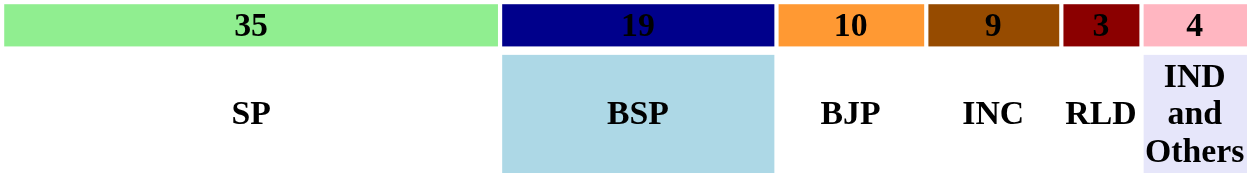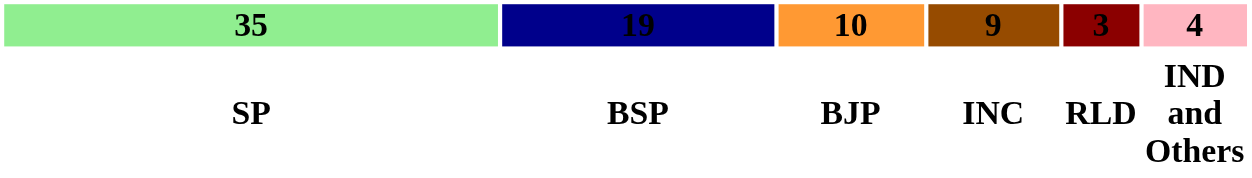 <table style="width:95%; text-align:center;">
 <tr>
 <td style="background:#90EE90; width:43.75%;"><strong>35</strong></td>
 <td style="background:#00008B; width:23.75%;"><strong>19</strong></td>
 <td style="background:#FF9933; width:12.5%;"><strong>10</strong></td>
 <td style="background:#964B00; width:11.25%;"><strong>9</strong></td>
 <td style="background:#8B0000; width:3.75%;"><strong>3</strong></td>
 <td style="background:#FFB6C1; width:5.00%;"><strong>4</strong></td>
 </tr>
 <tr>
 </tr>
 <tr>
 <td><span><strong>SP</strong></span></td>
-<td style="background: lightblue;"><span><strong>BSP</strong></span></td>
+<td><span><strong>BSP</strong></span></td>
 <td><span><strong>BJP</strong></span></td>
 <td><span><strong>INC</strong></span></td>
 <td><span><strong>RLD</strong></span></td>
-<td style="background: lavender;"><span><strong>IND and Others</strong></span></td>
+<td><span><strong>IND and Others</strong></span></td>
 </tr>
 </table>
